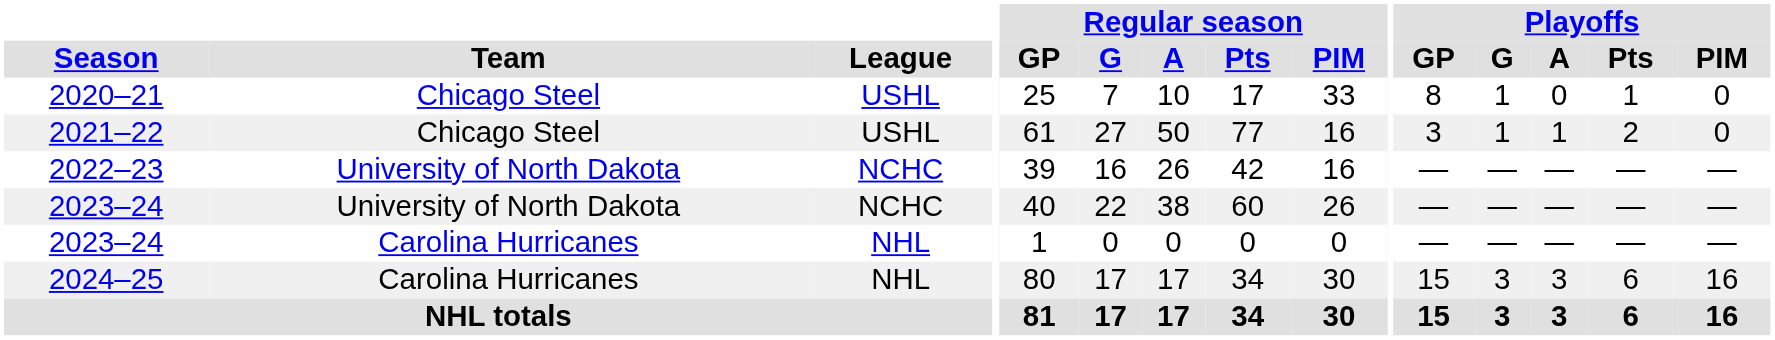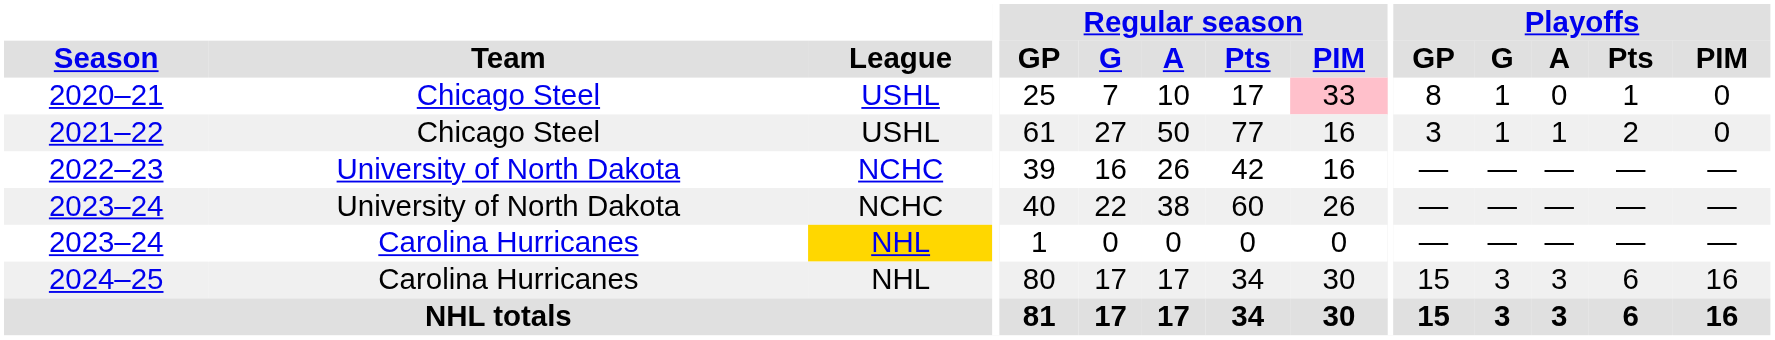 <table border="0" cellpadding="1" cellspacing="0" style="text-align:center; width:60em">
 <tr bgcolor="#e0e0e0">
 <th colspan="3" bgcolor="#ffffff"></th>
 <th rowspan="101" bgcolor="#ffffff"></th>
 <th colspan="5"><a href='#'>Regular season</a></th>
 <th rowspan="101" bgcolor="#ffffff"></th>
 <th colspan="5"><a href='#'>Playoffs</a></th>
 </tr>
 <tr bgcolor="#e0e0e0">
 <th><a href='#'>Season</a></th>
 <th>Team</th>
 <th>League</th>
 <th>GP</th>
 <th><a href='#'>G</a></th>
 <th><a href='#'>A</a></th>
 <th><a href='#'>Pts</a></th>
 <th><a href='#'>PIM</a></th>
 <th>GP</th>
 <th>G</th>
 <th>A</th>
 <th>Pts</th>
 <th>PIM</th>
 </tr>
 <tr>
 <td><a href='#'>2020–21</a></td>
 <td><a href='#'>Chicago Steel</a></td>
 <td><a href='#'>USHL</a></td>
 <td>25</td>
 <td>7</td>
 <td>10</td>
 <td>17</td>
-<td>33</td>
+<td style="background: pink;">33</td>
 <td>8</td>
 <td>1</td>
 <td>0</td>
 <td>1</td>
 <td>0</td>
 </tr>
 <tr bgcolor="#f0f0f0">
 <td><a href='#'>2021–22</a></td>
 <td>Chicago Steel</td>
 <td>USHL</td>
 <td>61</td>
 <td>27</td>
 <td>50</td>
 <td>77</td>
 <td>16</td>
 <td>3</td>
 <td>1</td>
 <td>1</td>
 <td>2</td>
 <td>0</td>
 </tr>
 <tr>
 <td><a href='#'>2022–23</a></td>
 <td><a href='#'>University of North Dakota</a></td>
 <td><a href='#'>NCHC</a></td>
 <td>39</td>
 <td>16</td>
 <td>26</td>
 <td>42</td>
 <td>16</td>
 <td>—</td>
 <td>—</td>
 <td>—</td>
 <td>—</td>
 <td>—</td>
 </tr>
 <tr bgcolor="#f0f0f0">
 <td><a href='#'>2023–24</a></td>
 <td>University of North Dakota</td>
 <td>NCHC</td>
 <td>40</td>
 <td>22</td>
 <td>38</td>
 <td>60</td>
 <td>26</td>
 <td>—</td>
 <td>—</td>
 <td>—</td>
 <td>—</td>
 <td>—</td>
 </tr>
 <tr>
 <td><a href='#'>2023–24</a></td>
 <td><a href='#'>Carolina Hurricanes</a></td>
-<td><a href='#'>NHL</a></td>
+<td style="background: gold;"><a href='#'>NHL</a></td>
 <td>1</td>
 <td>0</td>
 <td>0</td>
 <td>0</td>
 <td>0</td>
 <td>—</td>
 <td>—</td>
 <td>—</td>
 <td>—</td>
 <td>—</td>
 </tr>
 <tr bgcolor="#f0f0f0">
 <td><a href='#'>2024–25</a></td>
 <td>Carolina Hurricanes</td>
 <td>NHL</td>
 <td>80</td>
 <td>17</td>
 <td>17</td>
 <td>34</td>
 <td>30</td>
 <td>15</td>
 <td>3</td>
 <td>3</td>
 <td>6</td>
 <td>16</td>
 </tr>
 <tr bgcolor="#e0e0e0">
 <th colspan="3">NHL totals</th>
 <th>81</th>
 <th>17</th>
 <th>17</th>
 <th>34</th>
 <th>30</th>
 <th>15</th>
 <th>3</th>
 <th>3</th>
 <th>6</th>
 <th>16</th>
 </tr>
 </table>
